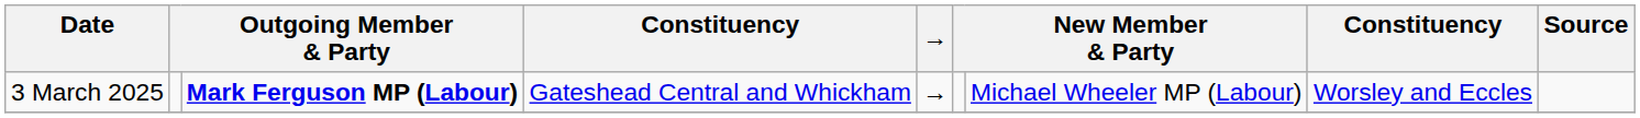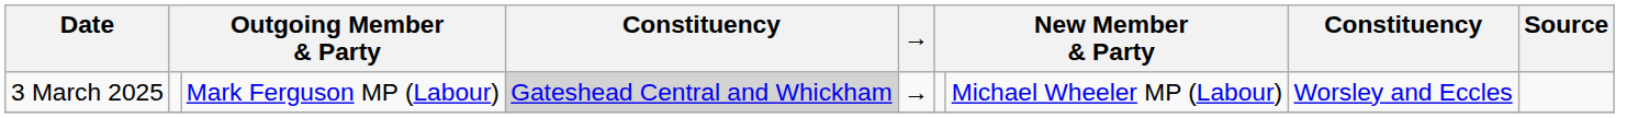 <table class="wikitable">
 <tr>
 <th valign="top">Date</th>
 <th colspan="2" valign="top">Outgoing Member<br>& Party</th>
 <th valign="top">Constituency</th>
 <th>→</th>
 <th colspan="2" valign="top">New Member<br>& Party</th>
 <th valign="top">Constituency</th>
 <th valign="top">Source</th>
 </tr>
 <tr>
 <td nowrap>3 March 2025</td>
 <td style="color:inherit;background:"></td>
-<td><strong><a href='#'>Mark Ferguson</a> MP (<a href='#'>Labour</a>)</strong></td>
-<td><a href='#'>Gateshead Central and Whickham</a></td>
+<td><a href='#'>Mark Ferguson</a> MP (<a href='#'>Labour</a>)</td>
+<td style="background: lightgrey;"><a href='#'>Gateshead Central and Whickham</a></td>
 <td>→</td>
 <td style="color:inherit;background:"></td>
 <td><a href='#'>Michael Wheeler</a> MP (<a href='#'>Labour</a>)</td>
 <td><a href='#'>Worsley and Eccles</a></td>
 <td></td>
 </tr>
 <tr>
 </tr>
 </table>
